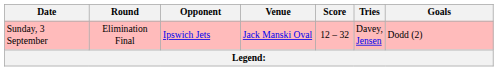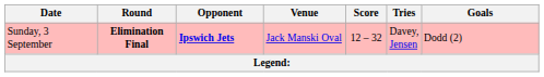 <table class="wikitable" style="font-size:75%;">
 <tr>
 <th style="width:130px;">Date</th>
 <th style="width:100px;">Round</th>
 <th style="width:120px;">Opponent</th>
 <th style="width:120px;">Venue</th>
 <th style="width:50px;">Score</th>
 <th style="width:500x;">Tries</th>
 <th style="width:190px;">Goals</th>
 </tr>
 <tr style="background:#fbb;">
 <td>Sunday, 3 September</td>
-<td style="text-align:center;">Elimination Final</td>
-<td> <a href='#'>Ipswich Jets</a></td>
+<td style="text-align:center;"><strong>Elimination Final</strong></td>
+<td><strong> <a href='#'>Ipswich Jets</a></strong></td>
 <td><a href='#'>Jack Manski Oval</a></td>
 <td style="text-align:center;">12 – 32</td>
 <td>Davey, <a href='#'>Jensen</a></td>
 <td>Dodd (2)</td>
 </tr>
 <tr>
 <th colspan="7"><strong>Legend</strong>:    </th>
 </tr>
 </table>
